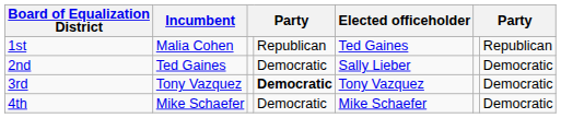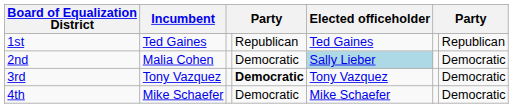 <table class="sortable wikitable" style="font-size:95%;line-height:14px;">
 <tr>
 <th class="sortable"><a href='#'>Board of Equalization</a><br> District</th>
 <th class="unsortable"><a href='#'>Incumbent</a></th>
 <th colspan="2">Party</th>
 <th class="unsortable">Elected officeholder</th>
 <th colspan="2">Party</th>
 </tr>
 <tr>
 <td><a href='#'>1st</a></td>
-<td><a href='#'>Malia Cohen</a></td>
+<td><a href='#'>Ted Gaines</a></td>
 <td style="background:"></td>
 <td>Republican</td>
 <td><a href='#'>Ted Gaines</a></td>
 <td style="background:"></td>
 <td>Republican</td>
 </tr>
 <tr>
 <td><a href='#'>2nd</a></td>
-<td><a href='#'>Ted Gaines</a></td>
+<td><a href='#'>Malia Cohen</a></td>
 <td style="background:"></td>
 <td>Democratic</td>
-<td><a href='#'>Sally Lieber</a></td>
+<td style="background: lightblue;"><a href='#'>Sally Lieber</a></td>
 <td style="background:"></td>
 <td>Democratic</td>
 </tr>
 <tr>
 <td><a href='#'>3rd</a></td>
 <td><a href='#'>Tony Vazquez</a></td>
 <td style="background:"></td>
 <td><strong>Democratic</strong></td>
 <td><a href='#'>Tony Vazquez</a></td>
 <td style="background:"></td>
 <td>Democratic</td>
 </tr>
 <tr>
 <td><a href='#'>4th</a></td>
 <td><a href='#'>Mike Schaefer</a></td>
 <td style="background:"></td>
 <td>Democratic</td>
 <td><a href='#'>Mike Schaefer</a></td>
 <td style="background:"></td>
 <td>Democratic</td>
 </tr>
 </table>
